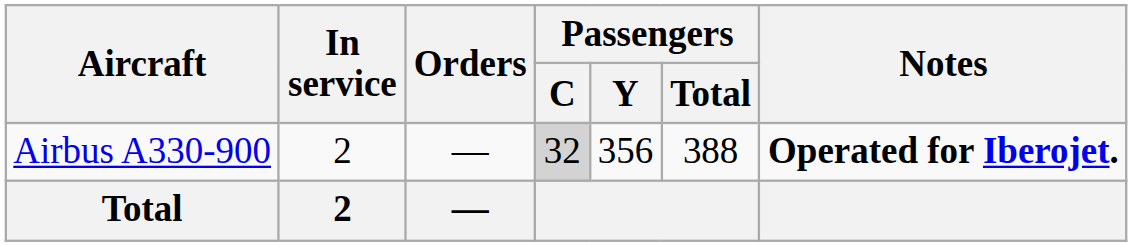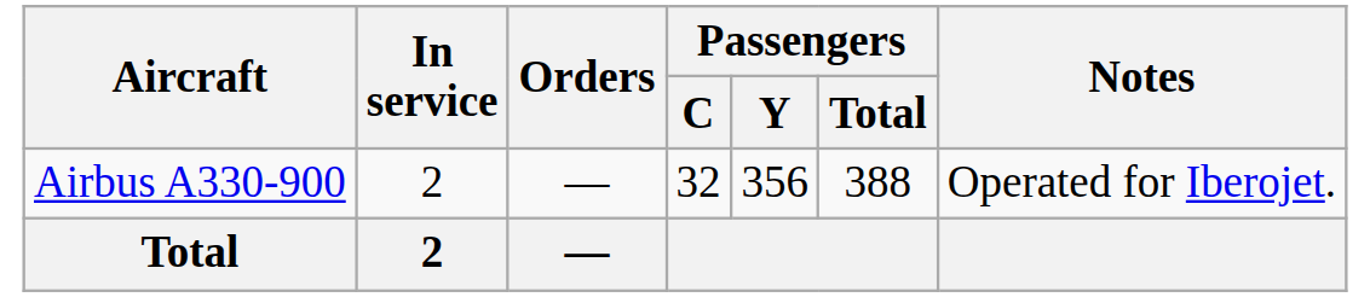 <table class="wikitable" style="border-collapse:collapse; margin: auto">
 <tr>
 <th rowspan="2">Aircraft</th>
 <th rowspan="2">In<br>service</th>
 <th rowspan="2">Orders</th>
 <th colspan="3">Passengers</th>
 <th rowspan="2">Notes</th>
 </tr>
 <tr>
 <th><abbr>C</abbr></th>
 <th><abbr>Y</abbr></th>
 <th>Total</th>
 </tr>
 <tr>
 <td><a href='#'>Airbus A330-900</a></td>
 <td align=center>2</td>
 <td align=center>—</td>
-<td align=center style="background: lightgrey;">32</td>
+<td align=center>32</td>
 <td align=center>356</td>
 <td align=center>388</td>
-<td><strong>Operated for <a href='#'>Iberojet</a>.</strong></td>
+<td>Operated for <a href='#'>Iberojet</a>.</td>
 </tr>
 <tr>
 <th>Total</th>
 <th>2</th>
 <th>—</th>
 <th colspan=3></th>
 <th colspan=1></th>
 </tr>
 </table>
